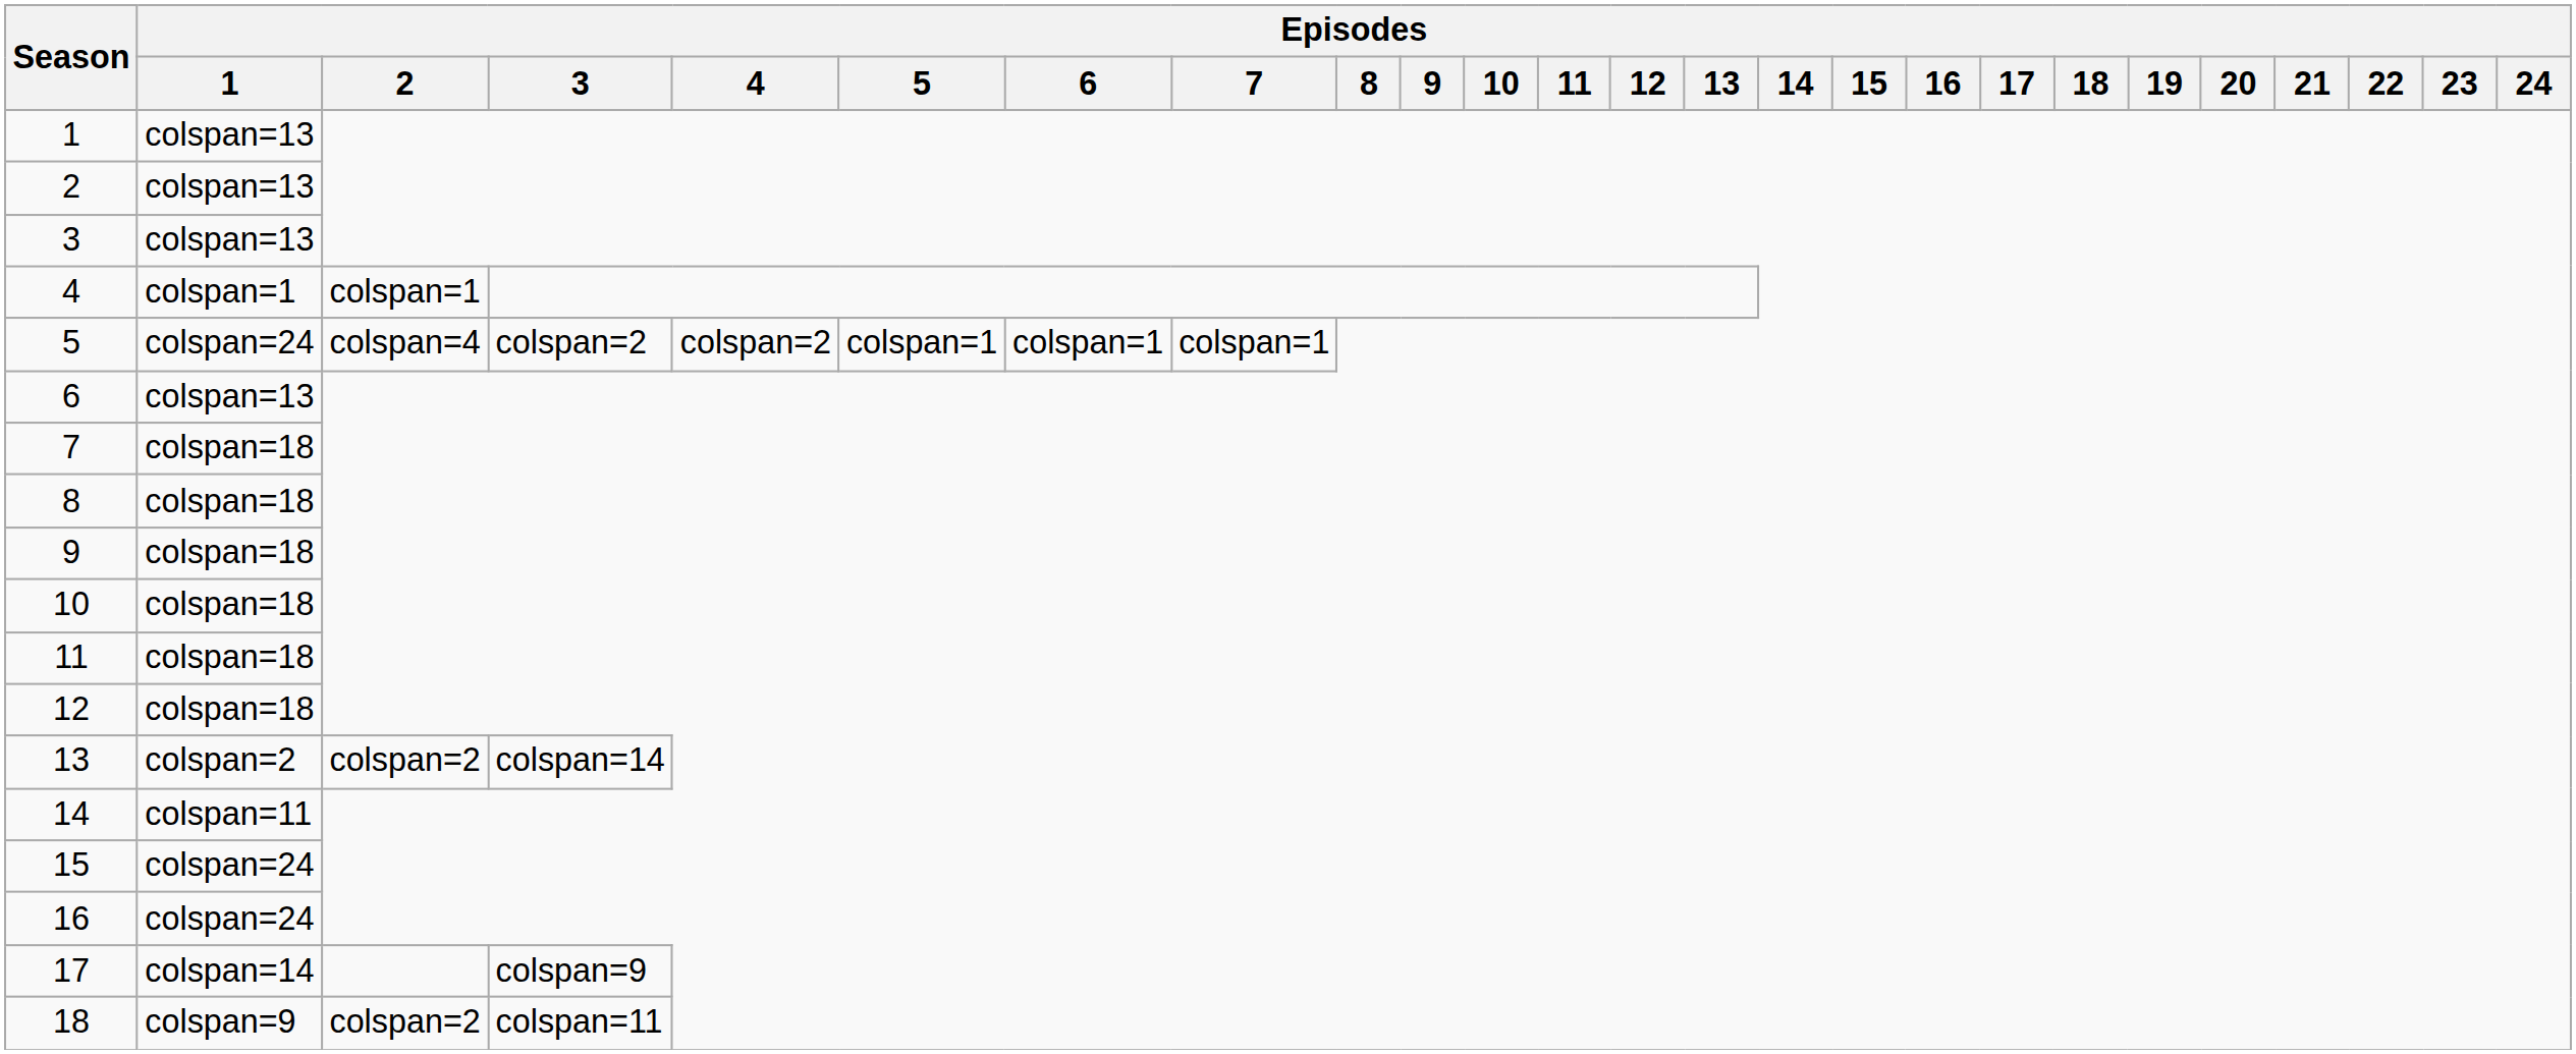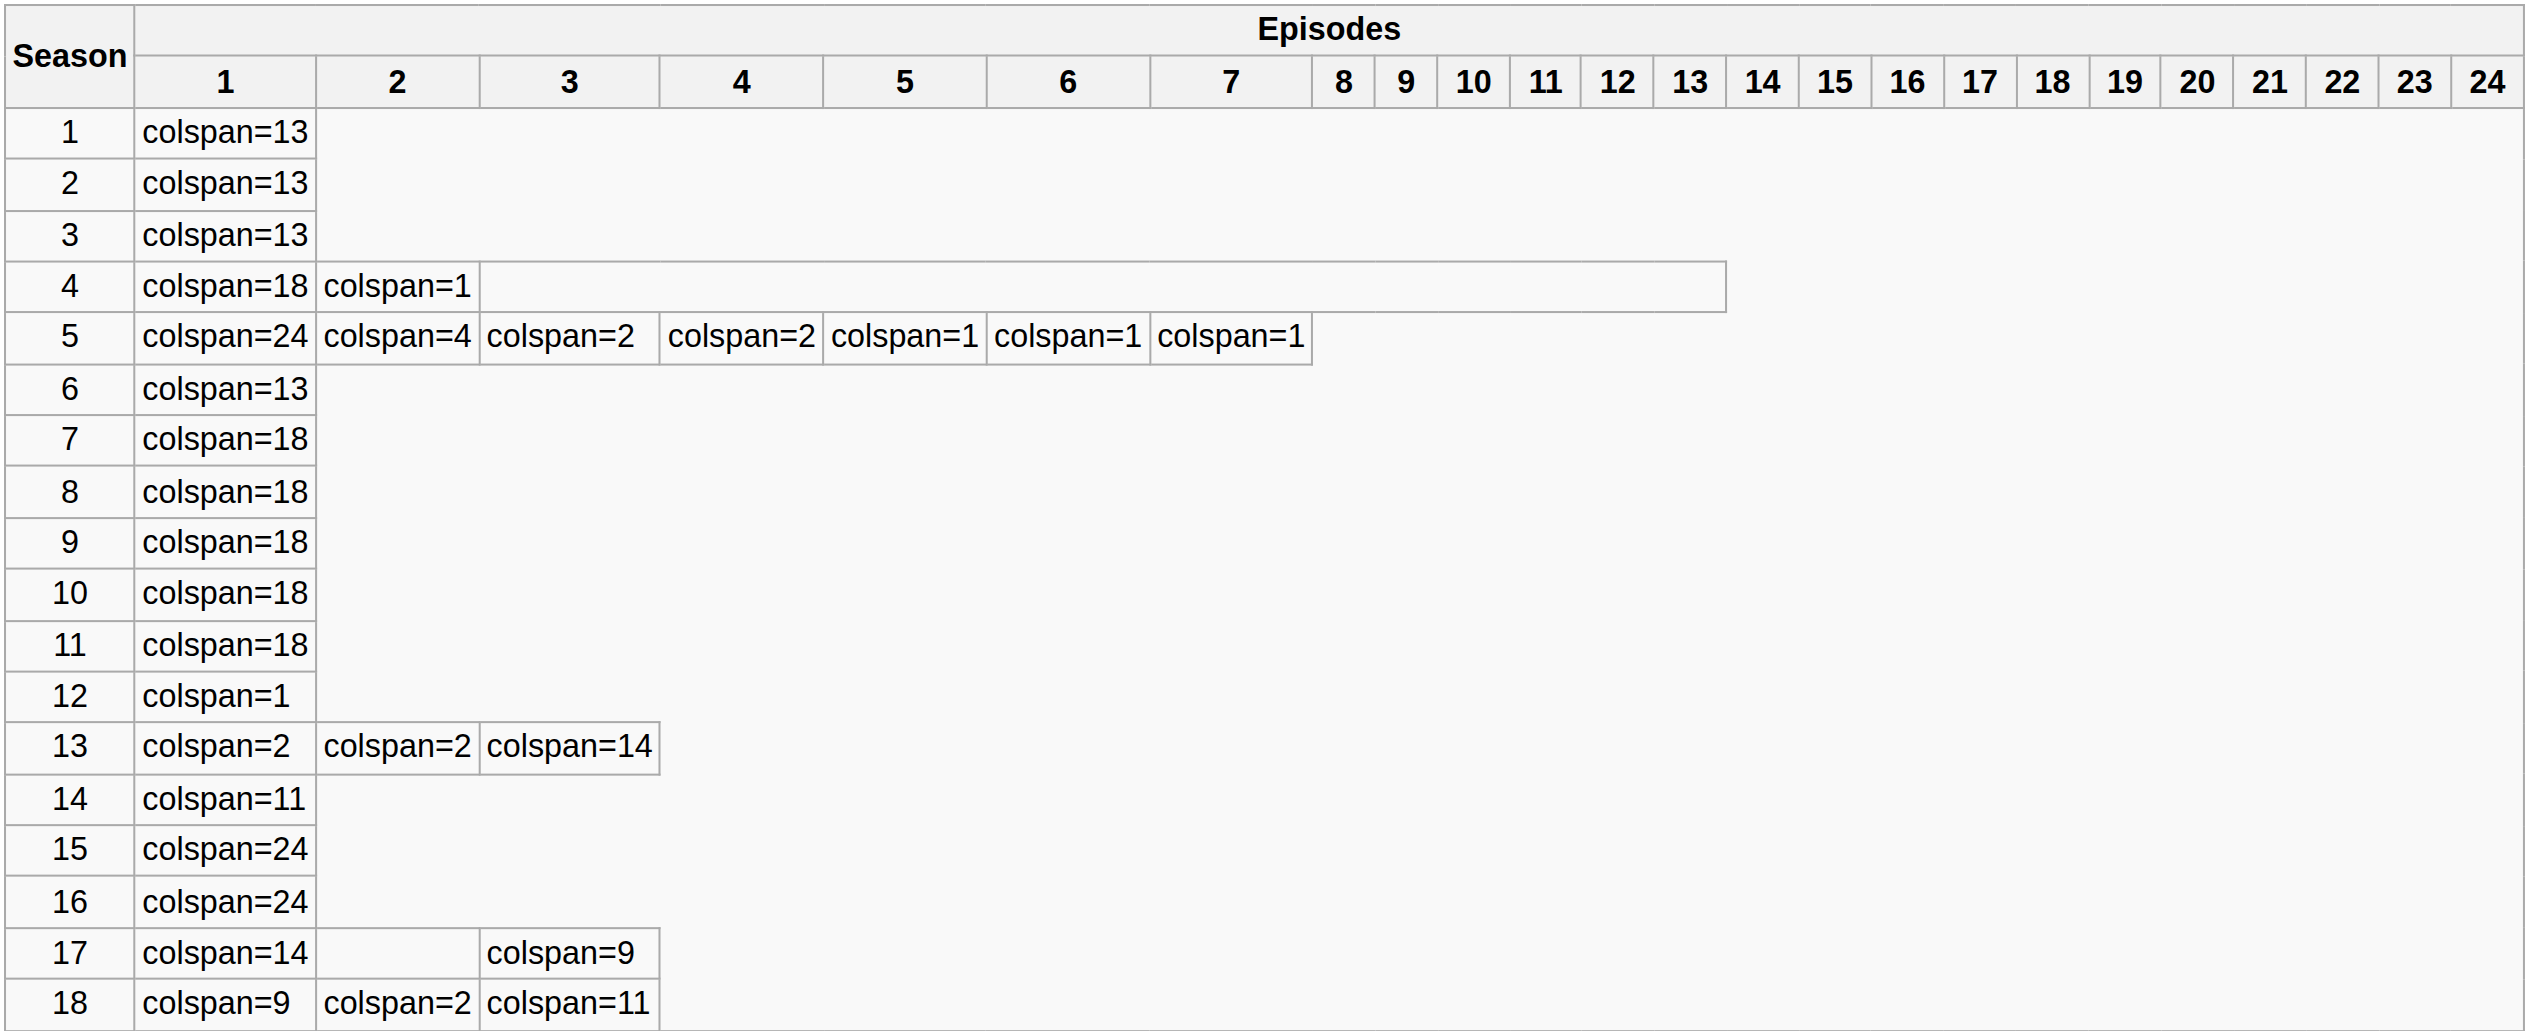 <table class="wikitable">
 <tr>
 <th rowspan=2>Season</th>
 <th colspan=24>Episodes</th>
 </tr>
 <tr>
 <th style="width:4%;">1</th>
 <th style="width:4%;">2</th>
 <th style="width:4%;">3</th>
 <th style="width:4%;">4</th>
 <th style="width:4%;">5</th>
 <th style="width:4%;">6</th>
 <th style="width:4%;">7</th>
 <th style="width:4%;">8</th>
 <th style="width:4%;">9</th>
 <th style="width:4%;">10</th>
 <th style="width:4%;">11</th>
 <th style="width:4%;">12</th>
 <th style="width:4%;">13</th>
 <th style="width:4%;">14</th>
 <th style="width:4%;">15</th>
 <th style="width:4%;">16</th>
 <th style="width:4%;">17</th>
 <th style="width:4%;">18</th>
 <th style="width:4%;">19</th>
 <th style="width:4%;">20</th>
 <th style="width:4%;">21</th>
 <th style="width:4%;">22</th>
 <th style="width:4%;">23</th>
 <th style="width:4%;">24</th>
 </tr>
 <tr>
 <td style="text-align:center;">1</td>
 <td>colspan=13 </td>
 </tr>
 <tr>
 <td style="text-align:center;">2</td>
 <td>colspan=13 </td>
 </tr>
 <tr>
 <td style="text-align:center;">3</td>
 <td>colspan=13 </td>
 </tr>
 <tr>
 <td style="text-align:center;">4</td>
-<td>colspan=1 </td>
+<td>colspan=18 </td>
 <td>colspan=1 </td>
 <td colspan=11 ></td>
 </tr>
 <tr>
 <td style="text-align:center;">5</td>
 <td>colspan=24 </td>
 <td>colspan=4 </td>
 <td>colspan=2 </td>
 <td>colspan=2 </td>
 <td>colspan=1 </td>
 <td>colspan=1 </td>
 <td>colspan=1 </td>
 </tr>
 <tr>
 <td style="text-align:center;">6</td>
 <td>colspan=13 </td>
 </tr>
 <tr>
 <td style="text-align:center;">7</td>
 <td>colspan=18 </td>
 </tr>
 <tr>
 <td style="text-align:center;">8</td>
 <td>colspan=18 </td>
 </tr>
 <tr>
 <td style="text-align:center;">9</td>
 <td>colspan=18 </td>
 </tr>
 <tr>
 <td style="text-align:center;">10</td>
 <td>colspan=18 </td>
 </tr>
 <tr>
 <td style="text-align:center;">11</td>
 <td>colspan=18 </td>
 </tr>
 <tr>
 <td style="text-align:center;">12</td>
-<td>colspan=18 </td>
+<td>colspan=1 </td>
 </tr>
 <tr>
 <td style="text-align:center;">13</td>
 <td>colspan=2 </td>
 <td>colspan=2 </td>
 <td>colspan=14 </td>
 </tr>
 <tr>
 <td style="text-align:center;">14</td>
 <td>colspan=11 </td>
 </tr>
 <tr>
 <td style="text-align:center;">15</td>
 <td>colspan=24 </td>
 </tr>
 <tr>
 <td style="text-align:center;">16</td>
 <td>colspan=24 </td>
 </tr>
 <tr>
 <td style="text-align:center;">17</td>
 <td>colspan=14 </td>
 <td></td>
 <td>colspan=9 </td>
 </tr>
 <tr>
 <td style="text-align:center;">18</td>
 <td>colspan=9 </td>
 <td>colspan=2 </td>
 <td>colspan=11 </td>
 </tr>
 </table>
